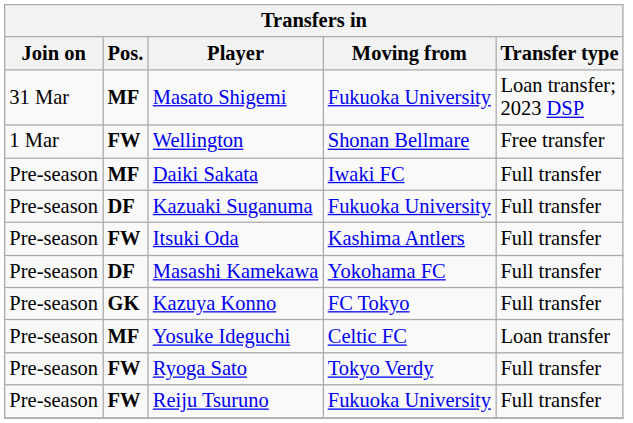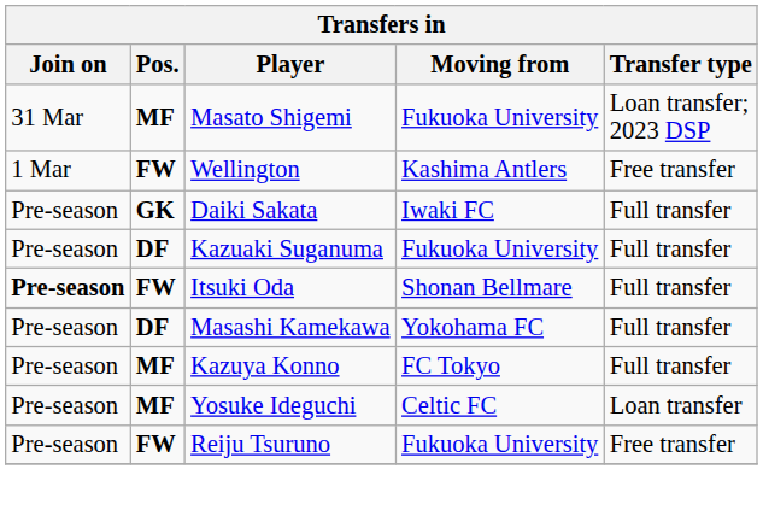 <table class="wikitable sortable" style="text-align:left;">
 <tr>
 <th colspan="5">Transfers in</th>
 </tr>
 <tr>
 <th>Join on</th>
 <th>Pos.</th>
 <th>Player</th>
 <th>Moving from</th>
 <th>Transfer type</th>
 </tr>
 <tr>
 <td>31 Mar</td>
 <td><strong>MF</strong></td>
 <td> <a href='#'>Masato Shigemi</a></td>
 <td> <a href='#'>Fukuoka University</a></td>
 <td>Loan transfer;<br> 2023 <a href='#'>DSP</a></td>
 </tr>
 <tr>
 <td>1 Mar</td>
 <td><strong>FW</strong></td>
 <td> <a href='#'>Wellington</a></td>
-<td> <a href='#'>Shonan Bellmare</a></td>
+<td> <a href='#'>Kashima Antlers</a></td>
 <td>Free transfer</td>
 </tr>
 <tr>
 <td>Pre-season</td>
-<td><strong>MF</strong></td>
+<td><strong>GK</strong></td>
 <td> <a href='#'>Daiki Sakata</a></td>
 <td> <a href='#'>Iwaki FC</a></td>
 <td>Full transfer</td>
 </tr>
 <tr>
 <td>Pre-season</td>
 <td><strong>DF</strong></td>
 <td> <a href='#'>Kazuaki Suganuma</a></td>
 <td> <a href='#'>Fukuoka University</a></td>
 <td>Full transfer</td>
 </tr>
 <tr>
-<td>Pre-season</td>
+<td><strong>Pre-season</strong></td>
 <td><strong>FW</strong></td>
 <td> <a href='#'>Itsuki Oda</a></td>
-<td> <a href='#'>Kashima Antlers</a></td>
+<td> <a href='#'>Shonan Bellmare</a></td>
 <td>Full transfer</td>
 </tr>
 <tr>
 <td>Pre-season</td>
 <td><strong>DF</strong></td>
 <td> <a href='#'>Masashi Kamekawa</a></td>
 <td> <a href='#'>Yokohama FC</a></td>
 <td>Full transfer</td>
 </tr>
 <tr>
 <td>Pre-season</td>
-<td><strong>GK</strong></td>
+<td><strong>MF</strong></td>
 <td> <a href='#'>Kazuya Konno</a></td>
 <td> <a href='#'>FC Tokyo</a></td>
 <td>Full transfer</td>
 </tr>
 <tr>
 <td>Pre-season</td>
 <td><strong>MF</strong></td>
 <td> <a href='#'>Yosuke Ideguchi</a></td>
 <td> <a href='#'>Celtic FC</a></td>
 <td>Loan transfer</td>
 </tr>
 <tr>
 <td>Pre-season</td>
 <td><strong>FW</strong></td>
-<td> <a href='#'>Ryoga Sato</a></td>
-<td> <a href='#'>Tokyo Verdy</a></td>
-<td>Full transfer</td>
-</tr>
-<tr>
-<td>Pre-season</td>
-<td><strong>FW</strong></td>
 <td> <a href='#'>Reiju Tsuruno</a></td>
 <td> <a href='#'>Fukuoka University</a></td>
-<td>Full transfer</td>
+<td>Free transfer</td>
 </tr>
 <tr>
 </tr>
 </table>
